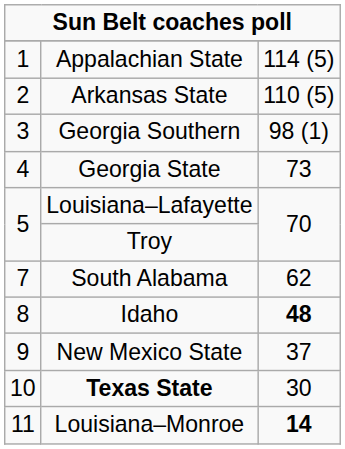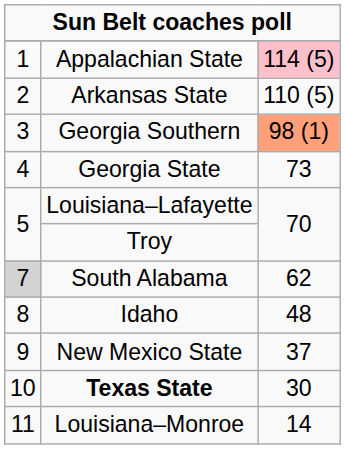 <table class="wikitable" style="display: inline-table;">
 <tr>
 <td align="center" Colspan="3"><strong>Sun Belt coaches poll</strong></td>
 </tr>
 <tr align="center">
 </tr>
 <tr align="center">
 <td>1</td>
 <td>Appalachian State</td>
-<td>114 (5)</td>
+<td style="background: pink;">114 (5)</td>
 </tr>
 <tr align="center">
 <td>2</td>
 <td>Arkansas State</td>
 <td>110 (5)</td>
 </tr>
 <tr align="center">
 <td>3</td>
 <td>Georgia Southern</td>
-<td>98 (1)</td>
+<td style="background: lightsalmon;">98 (1)</td>
 </tr>
 <tr align="center">
 <td>4</td>
 <td>Georgia State</td>
 <td>73</td>
 </tr>
 <tr align="center">
 <td rowspan="2">5</td>
 <td>Louisiana–Lafayette</td>
 <td rowspan="2">70</td>
 </tr>
 <tr align="center">
 <td>Troy</td>
 </tr>
 <tr align="center">
-<td>7</td>
+<td style="background: lightgrey;">7</td>
 <td>South Alabama</td>
 <td>62</td>
 </tr>
 <tr align="center">
 <td>8</td>
 <td>Idaho</td>
-<td><strong>48</strong></td>
+<td>48</td>
 </tr>
 <tr align="center">
 <td>9</td>
 <td>New Mexico State</td>
 <td>37</td>
 </tr>
 <tr align="center">
 <td>10</td>
 <td><strong>Texas State</strong></td>
 <td>30</td>
 </tr>
 <tr align="center">
 <td>11</td>
 <td>Louisiana–Monroe</td>
-<td><strong>14</strong></td>
+<td>14</td>
 </tr>
 </table>
